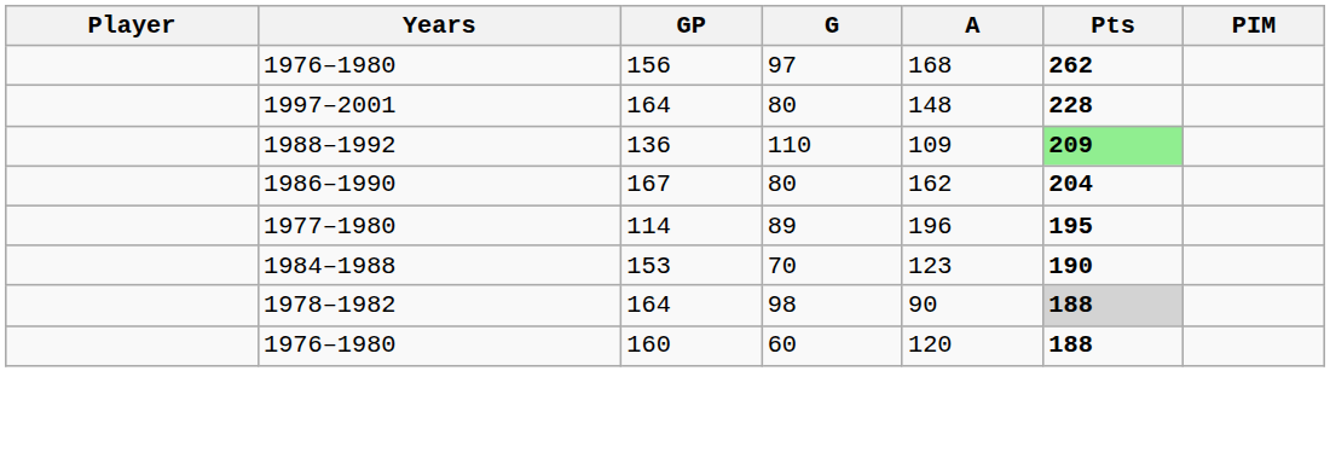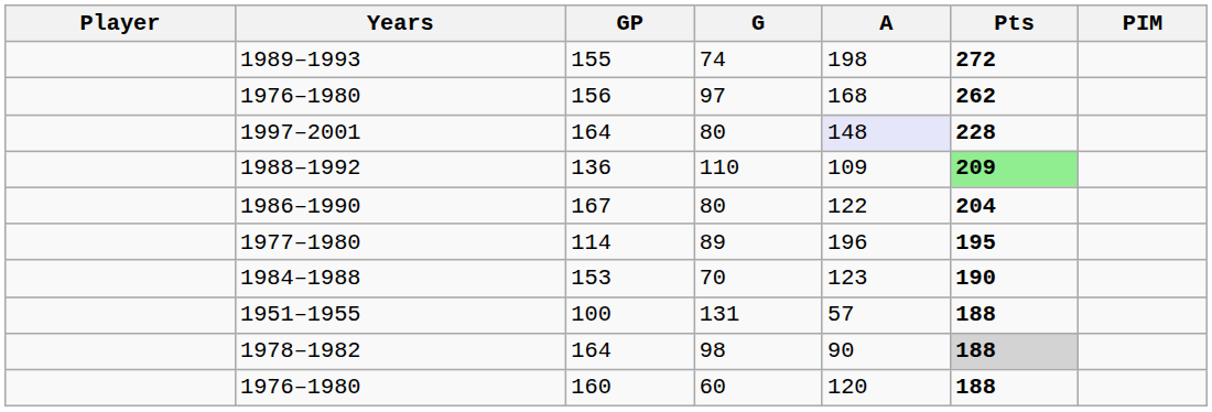 <table class="wikitable sortable" width ="700" cellpadding="1" border="1" cellspacing="0">
 <tr>
 <th>Player</th>
 <th>Years</th>
 <th>GP</th>
 <th>G</th>
 <th>A</th>
 <th>Pts</th>
 <th>PIM</th>
+</tr>
+<tr>
+<td></td>
+<td>1989–1993</td>
+<td>155</td>
+<td>74</td>
+<td>198</td>
+<td><strong>272</strong></td>
+<td></td>
 </tr>
 <tr>
 <td></td>
 <td>1976–1980</td>
 <td>156</td>
 <td>97</td>
 <td>168</td>
 <td><strong>262</strong></td>
 <td></td>
 </tr>
 <tr>
 <td></td>
 <td>1997–2001</td>
 <td>164</td>
 <td>80</td>
-<td>148</td>
+<td style="background: lavender;">148</td>
 <td><strong>228</strong></td>
 <td></td>
 </tr>
 <tr>
 <td></td>
 <td>1988–1992</td>
 <td>136</td>
 <td>110</td>
 <td>109</td>
 <td style="background: lightgreen;"><strong>209</strong></td>
 <td></td>
 </tr>
 <tr>
 <td></td>
 <td>1986–1990</td>
 <td>167</td>
 <td>80</td>
-<td>162</td>
+<td>122</td>
 <td><strong>204</strong></td>
 <td></td>
 </tr>
 <tr>
 <td></td>
 <td>1977–1980</td>
 <td>114</td>
 <td>89</td>
 <td>196</td>
 <td><strong>195</strong></td>
 <td></td>
 </tr>
 <tr>
 <td></td>
 <td>1984–1988</td>
 <td>153</td>
 <td>70</td>
 <td>123</td>
 <td><strong>190</strong></td>
 <td></td>
 </tr>
 <tr>
 <td></td>
+<td>1951–1955</td>
+<td>100</td>
+<td>131</td>
+<td>57</td>
+<td><strong>188</strong></td>
+<td></td>
+</tr>
+<tr>
+<td></td>
 <td>1978–1982</td>
 <td>164</td>
 <td>98</td>
 <td>90</td>
 <td style="background: lightgrey;"><strong>188</strong></td>
 <td></td>
 </tr>
 <tr>
 <td></td>
 <td>1976–1980</td>
 <td>160</td>
 <td>60</td>
 <td>120</td>
 <td><strong>188</strong></td>
 <td></td>
 </tr>
 </table>
